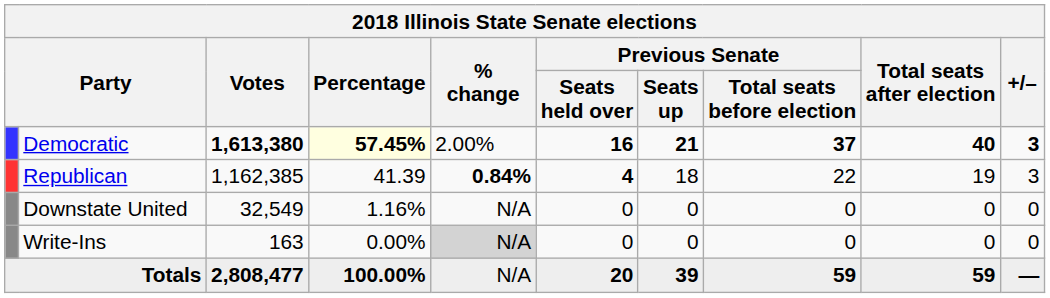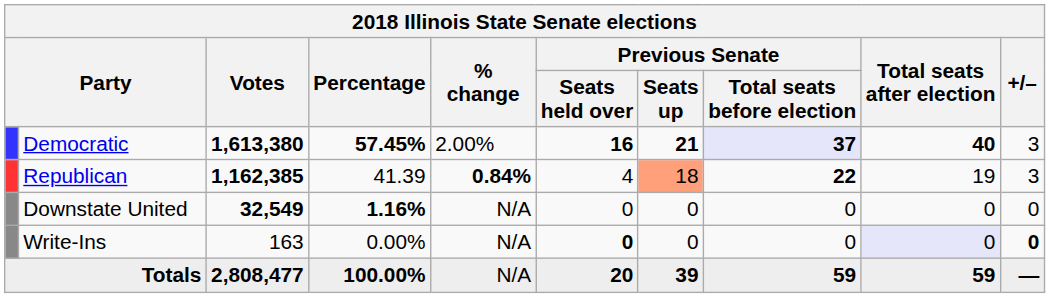 <table class="wikitable" style="font-size:95%;">
 <tr>
 <th colspan="12">2018 Illinois State Senate elections</th>
 </tr>
 <tr>
 <th rowspan=2 colspan=2>Party</th>
 <th rowspan=2>Votes</th>
 <th rowspan=2>Percentage</th>
 <th rowspan=2 style="width: 70px">% change</th>
 <th colspan=3>Previous Senate</th>
 <th rowspan=2>Total seats<br>after election</th>
 <th rowspan=2 style="width: 25px">+/–</th>
 </tr>
 <tr>
 <th>Seats<br>held over</th>
 <th>Seats<br>up</th>
 <th>Total seats<br>before election</th>
 </tr>
 <tr>
 <th style="background:#33f; width:3px;"></th>
 <td style="width: 130px"><a href='#'>Democratic</a></td>
 <td style="text-align:right;" ><strong>1,613,380</strong></td>
-<td align="right"  style="background: lightyellow;"><strong>57.45%</strong></td>
+<td align="right" ><strong>57.45%</strong></td>
 <td aligh="right"> 2.00%</td>
 <td align="right" ><strong>16</strong></td>
 <td align="right" ><strong>21</strong></td>
-<td align="right" ><strong>37</strong></td>
+<td align="right"  style="background: lavender;"><strong>37</strong></td>
 <td align="right" ><strong>40</strong></td>
-<td align="right" ><strong> 3</strong></td>
+<td align="right" > 3</td>
 </tr>
 <tr>
 <th style="background:#f33; width:3px;"></th>
 <td style="width: 130px"><a href='#'>Republican</a></td>
-<td align="right">1,162,385</td>
+<td align="right"><strong>1,162,385</strong></td>
 <td align="right">41.39</td>
 <td align="right" ><strong>0.84%</strong></td>
-<td style="text-align:right;"><strong>4</strong></td>
-<td style="text-align:right;">18</td>
-<td style="text-align:right;">22</td>
+<td style="text-align:right;">4</td>
+<td style="background: lightsalmon; text-align:right;">18</td>
+<td style="text-align:right;"><strong>22</strong></td>
 <td style="text-align:right;">19</td>
 <td style="text-align:right;"> 3</td>
 </tr>
 <tr>
 <th style="background:#888; width:3px;"></th>
 <td style="width: 130px">Downstate United</td>
-<td align="right">32,549</td>
-<td align="right">1.16%</td>
+<td align="right"><strong>32,549</strong></td>
+<td align="right"><strong>1.16%</strong></td>
 <td align="right">N/A</td>
 <td style="text-align:right;">0</td>
 <td style="text-align:right;">0</td>
 <td style="text-align:right;">0</td>
 <td style="text-align:right;">0</td>
 <td style="text-align:right;"> 0</td>
 </tr>
 <tr>
 <th style="background:#888; width:3px;"></th>
 <td style="width: 130px">Write-Ins</td>
 <td align="right">163</td>
 <td align="right">0.00%</td>
-<td align="right" style="background: lightgrey;">N/A</td>
+<td align="right">N/A</td>
+<td style="text-align:right;"><strong>0</strong></td>
 <td style="text-align:right;">0</td>
 <td style="text-align:right;">0</td>
-<td style="text-align:right;">0</td>
-<td style="text-align:right;">0</td>
-<td style="text-align:right;"> 0</td>
+<td style="background: lavender; text-align:right;">0</td>
+<td style="text-align:right;"><strong> 0</strong></td>
 </tr>
 <tr style="background:#eee; text-align:right;">
 <td colspan="2"><strong>Totals</strong></td>
 <td><strong>2,808,477</strong></td>
 <td><strong>100.00%</strong></td>
 <td>N/A</td>
 <td><strong>20</strong></td>
 <td><strong>39</strong></td>
 <td><strong>59</strong></td>
 <td><strong>59</strong></td>
 <td><strong>—</strong></td>
 </tr>
 </table>
